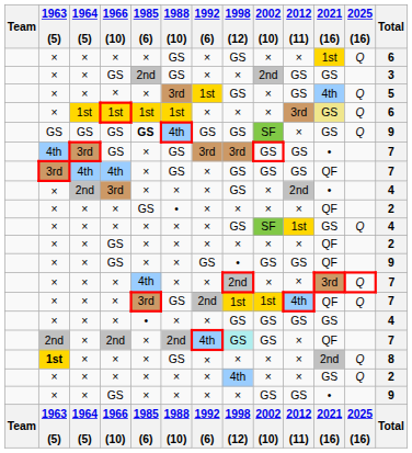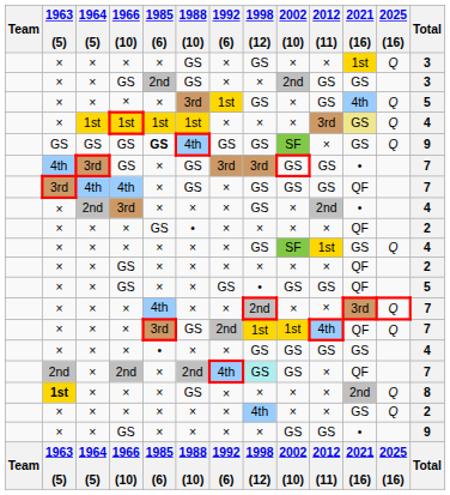 <table class="wikitable" style="text-align:center; font-size:90%;">
 <tr>
 <th>Team</th>
 <th><a href='#'>1963</a><br><br>(5)</th>
 <th><a href='#'>1964</a><br><br>(5)</th>
 <th><a href='#'>1966</a><br><br>(10)</th>
 <th><a href='#'>1985</a><br><br>(6)</th>
 <th><a href='#'>1988</a><br><br>(10)</th>
 <th><a href='#'>1992</a><br><br>(6)</th>
 <th><a href='#'>1998</a><br><br>(12)</th>
 <th><a href='#'>2002</a><br><br>(10)</th>
 <th><a href='#'>2012</a><br><br>(11)</th>
 <th><a href='#'>2021</a><br><br>(16)</th>
 <th><a href='#'>2025</a><br><br>(16)</th>
 <th>Total</th>
 </tr>
 <tr>
 <td id="ALG" align=left></td>
 <td>×</td>
 <td>×</td>
 <td>×</td>
 <td>×</td>
 <td>GS</td>
 <td>×</td>
 <td>GS</td>
 <td>×</td>
 <td>×</td>
 <td style="background-color:gold;">1st</td>
 <td><em>Q</em></td>
-<th>6</th>
+<th>3</th>
 </tr>
 <tr>
 <td id="BHR" align=left></td>
 <td>×</td>
 <td>×</td>
 <td>GS</td>
 <td style="background-color:silver;">2nd</td>
 <td>GS</td>
 <td>×</td>
 <td>×</td>
 <td style="background-color:silver;">2nd</td>
 <td>GS</td>
 <td>GS</td>
 <td></td>
 <th>3</th>
 </tr>
 <tr>
 <td id="EGY" align=left></td>
 <td>×</td>
 <td>×</td>
 <td>×</td>
 <td>×</td>
 <td style="background-color:#cc9966;">3rd</td>
 <td style="background-color:gold;">1st</td>
 <td>GS</td>
 <td>×</td>
 <td>GS</td>
 <td style="background-color:#9acdff;">4th</td>
 <td><em>Q</em></td>
 <th>5</th>
 </tr>
 <tr>
 <td id="IRQ" align=left></td>
 <td>×</td>
 <td style="background-color:gold;">1st</td>
 <td style="border: 3px solid red;background-color:gold;">1st</td>
 <td style="background-color:gold;">1st</td>
 <td style="background-color:gold;">1st</td>
 <td>×</td>
 <td>×</td>
 <td>×</td>
 <td style="background-color:#cc9966;">3rd</td>
 <td style="background: khaki;">GS</td>
 <td><em>Q</em></td>
-<th>6</th>
+<th>4</th>
 </tr>
 <tr>
 <td id="JOR" align=left></td>
 <td>GS</td>
 <td>GS</td>
 <td>GS</td>
 <td><strong>GS</strong></td>
 <td style="border: 3px solid red;background-color:#9acdff;">4th</td>
 <td>GS</td>
 <td>GS</td>
 <td style="background-color:#81c846;">SF</td>
 <td>×</td>
 <td>GS</td>
 <td><em>Q</em></td>
 <th>9</th>
 </tr>
 <tr>
 <td id="KUW" align=left></td>
 <td style="background-color:#9acdff;">4th</td>
 <td style="border: 3px solid red;background-color:#cc9966;">3rd</td>
 <td>GS</td>
 <td>×</td>
 <td>GS</td>
 <td style="background-color:#cc9966;">3rd</td>
 <td style="background-color:#cc9966;">3rd</td>
 <td style="border: 3px solid red">GS</td>
 <td>GS</td>
 <td>•</td>
 <td></td>
 <th>7</th>
 </tr>
 <tr>
 <td id="LBN" align=left></td>
 <td style="border: 3px solid red;background-color:#cc9966;">3rd</td>
 <td style="background-color:#9acdff;">4th</td>
 <td style="background-color:#9acdff;">4th</td>
 <td>×</td>
 <td>GS</td>
 <td>×</td>
 <td>GS</td>
 <td>GS</td>
 <td>GS</td>
 <td>QF</td>
 <td></td>
 <th>7</th>
 </tr>
 <tr>
 <td id="LBY" align=left></td>
 <td>×</td>
 <td style="background-color:silver;">2nd</td>
 <td style="background-color:#cc9966;">3rd</td>
 <td>×</td>
 <td>×</td>
 <td>×</td>
 <td>GS</td>
 <td>×</td>
 <td style="background-color:silver;">2nd</td>
 <td>•</td>
 <td></td>
 <th>4</th>
 </tr>
 <tr>
 <td id="MTN" align=left></td>
 <td>×</td>
 <td>×</td>
 <td>×</td>
 <td>GS</td>
 <td>•</td>
 <td>×</td>
 <td>×</td>
 <td>×</td>
 <td>×</td>
 <td>QF</td>
 <td></td>
 <th>2</th>
 </tr>
 <tr>
 <td id="MAR" align=left></td>
 <td>×</td>
 <td>×</td>
 <td>×</td>
 <td>×</td>
 <td>×</td>
 <td>×</td>
 <td>GS</td>
 <td style="background-color:#81c846;">SF</td>
 <td style="background-color:gold;">1st</td>
 <td>GS</td>
 <td><em>Q</em></td>
 <th>4</th>
 </tr>
 <tr>
 <td id="OMA" align=left></td>
 <td>×</td>
 <td>×</td>
 <td>GS</td>
 <td>×</td>
 <td>×</td>
 <td>×</td>
 <td>×</td>
 <td>×</td>
 <td>×</td>
 <td>QF</td>
 <td></td>
 <th>2</th>
 </tr>
 <tr>
 <td id="PLE" align=left></td>
 <td>×</td>
 <td>×</td>
 <td>GS</td>
 <td>×</td>
 <td>×</td>
 <td>GS</td>
 <td>•</td>
 <td>GS</td>
 <td>GS</td>
 <td>QF</td>
 <td></td>
-<th>9</th>
+<th>5</th>
 </tr>
 <tr>
 <td id="QAT" align=left></td>
 <td>×</td>
 <td>×</td>
 <td>×</td>
 <td style="background-color:#9acdff;">4th</td>
 <td>×</td>
 <td>×</td>
 <td style="border: 3px solid red;background-color:silver;">2nd</td>
 <td>×</td>
 <td>×</td>
 <td style="border: 3px solid red;background-color:#cc9966;">3rd</td>
 <td style="border: 3px solid red"><em>Q</em></td>
 <th>7</th>
 </tr>
 <tr>
 <td id="KSA" align=left></td>
 <td>×</td>
 <td>×</td>
 <td>×</td>
 <td style="border: 3px solid red;background-color:#cc9966;">3rd</td>
 <td>GS</td>
 <td style="background-color:silver;">2nd</td>
 <td style="background-color:gold;">1st</td>
 <td style="background-color:gold;">1st</td>
 <td style="border: 3px solid red;background-color:#9acdff;">4th</td>
 <td>QF</td>
 <td><em>Q</em></td>
 <th>7</th>
 </tr>
 <tr>
 <td id="SUD" align=left></td>
 <td>×</td>
 <td>×</td>
 <td>×</td>
 <td>•</td>
 <td>×</td>
 <td>×</td>
 <td>GS</td>
 <td>GS</td>
 <td>GS</td>
 <td>GS</td>
 <td></td>
 <th>4</th>
 </tr>
 <tr>
 <td id="SYR" align=left></td>
 <td style="background-color:silver;">2nd</td>
 <td>×</td>
 <td style="background-color:silver;">2nd</td>
 <td>×</td>
 <td style="background-color:silver;">2nd</td>
 <td style="border: 3px solid red;background-color:#9acdff;">4th</td>
 <td style="background: paleturquoise;">GS</td>
 <td>GS</td>
 <td>×</td>
 <td>QF</td>
 <td></td>
 <th>7</th>
 </tr>
 <tr>
 <td id="TUN" align=left></td>
 <td style="background-color:gold;"><strong>1st</strong></td>
 <td>×</td>
 <td>×</td>
 <td>×</td>
 <td>GS</td>
 <td>×</td>
 <td>×</td>
 <td>×</td>
 <td>×</td>
 <td style="background-color:silver;">2nd</td>
 <td><em>Q</em></td>
 <th>8</th>
 </tr>
 <tr>
 <td id="UAE" align=left></td>
 <td>×</td>
 <td>×</td>
 <td>×</td>
 <td>×</td>
 <td>×</td>
 <td>×</td>
 <td style="background-color:#9acdff;">4th</td>
 <td>×</td>
 <td>×</td>
 <td>GS</td>
 <td><em>Q</em></td>
 <th>2</th>
 </tr>
 <tr>
 <td id="YEM" align=left></td>
 <td>×</td>
 <td>×</td>
 <td>GS</td>
 <td>×</td>
 <td>×</td>
 <td>×</td>
 <td>×</td>
 <td>GS</td>
 <td>GS</td>
 <td>•</td>
 <td></td>
 <th>9</th>
 </tr>
 <tr>
 <th>Team</th>
 <th><a href='#'>1963</a><br><br>(5)</th>
 <th><a href='#'>1964</a><br><br>(5)</th>
 <th><a href='#'>1966</a><br><br>(10)</th>
 <th><a href='#'>1985</a><br><br>(6)</th>
 <th><a href='#'>1988</a><br><br>(10)</th>
 <th><a href='#'>1992</a><br><br>(6)</th>
 <th><a href='#'>1998</a><br><br>(12)</th>
 <th><a href='#'>2002</a><br><br>(10)</th>
 <th><a href='#'>2012</a><br><br>(11)</th>
 <th><a href='#'>2021</a><br><br>(16)</th>
 <th><a href='#'>2025</a><br><br>(16)</th>
 <th>Total</th>
 </tr>
 </table>
